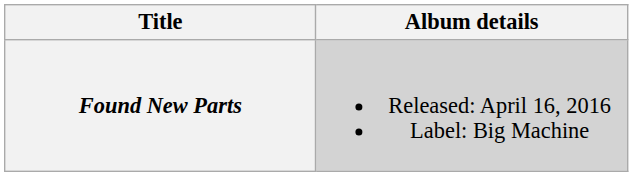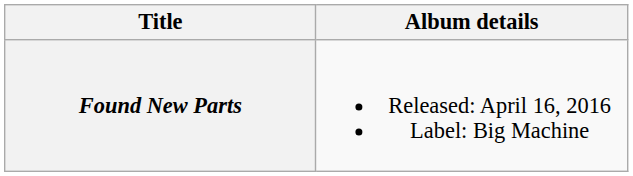 <table class="wikitable plainrowheaders" style="text-align:center;">
 <tr>
 <th width="215">Title</th>
 <th width="215">Album details</th>
 </tr>
 <tr>
 <th scope="row"><em>Found New Parts</em></th>
-<td style="background: lightgrey;"><br><ul><li>Released: April 16, 2016</li><li>Label: Big Machine</li></ul></td>
+<td><br><ul><li>Released: April 16, 2016</li><li>Label: Big Machine</li></ul></td>
 </tr>
 </table>
